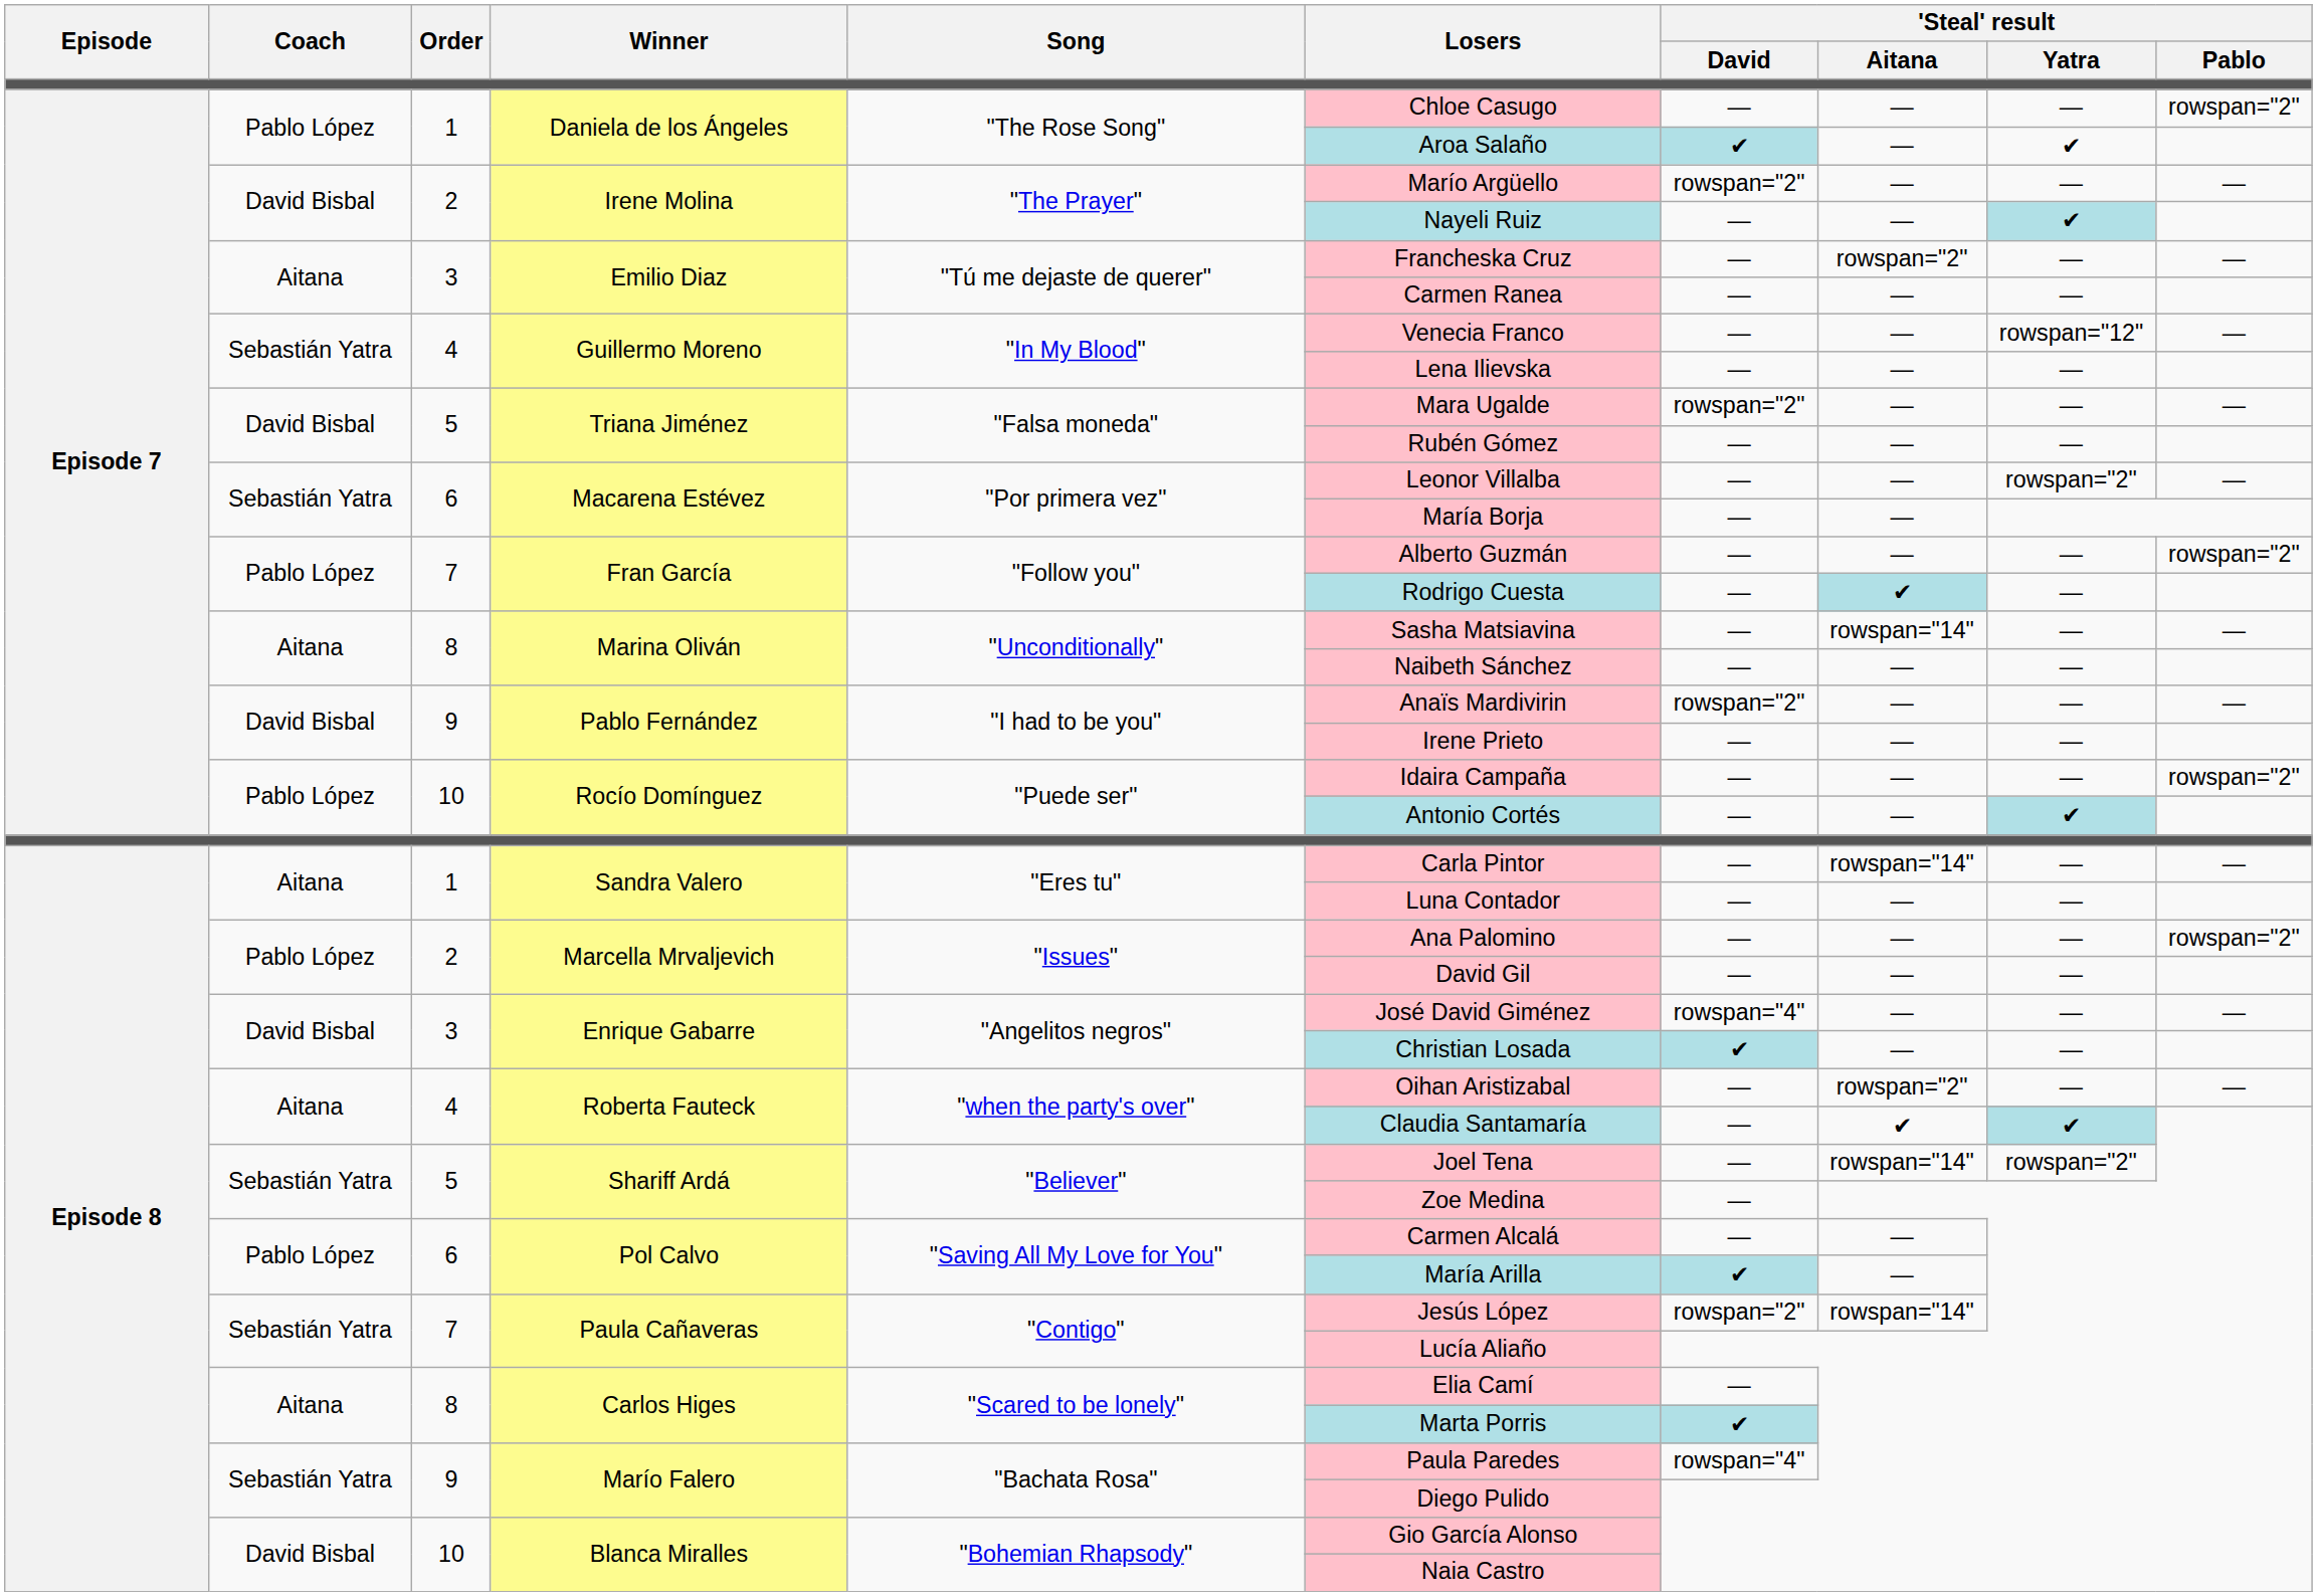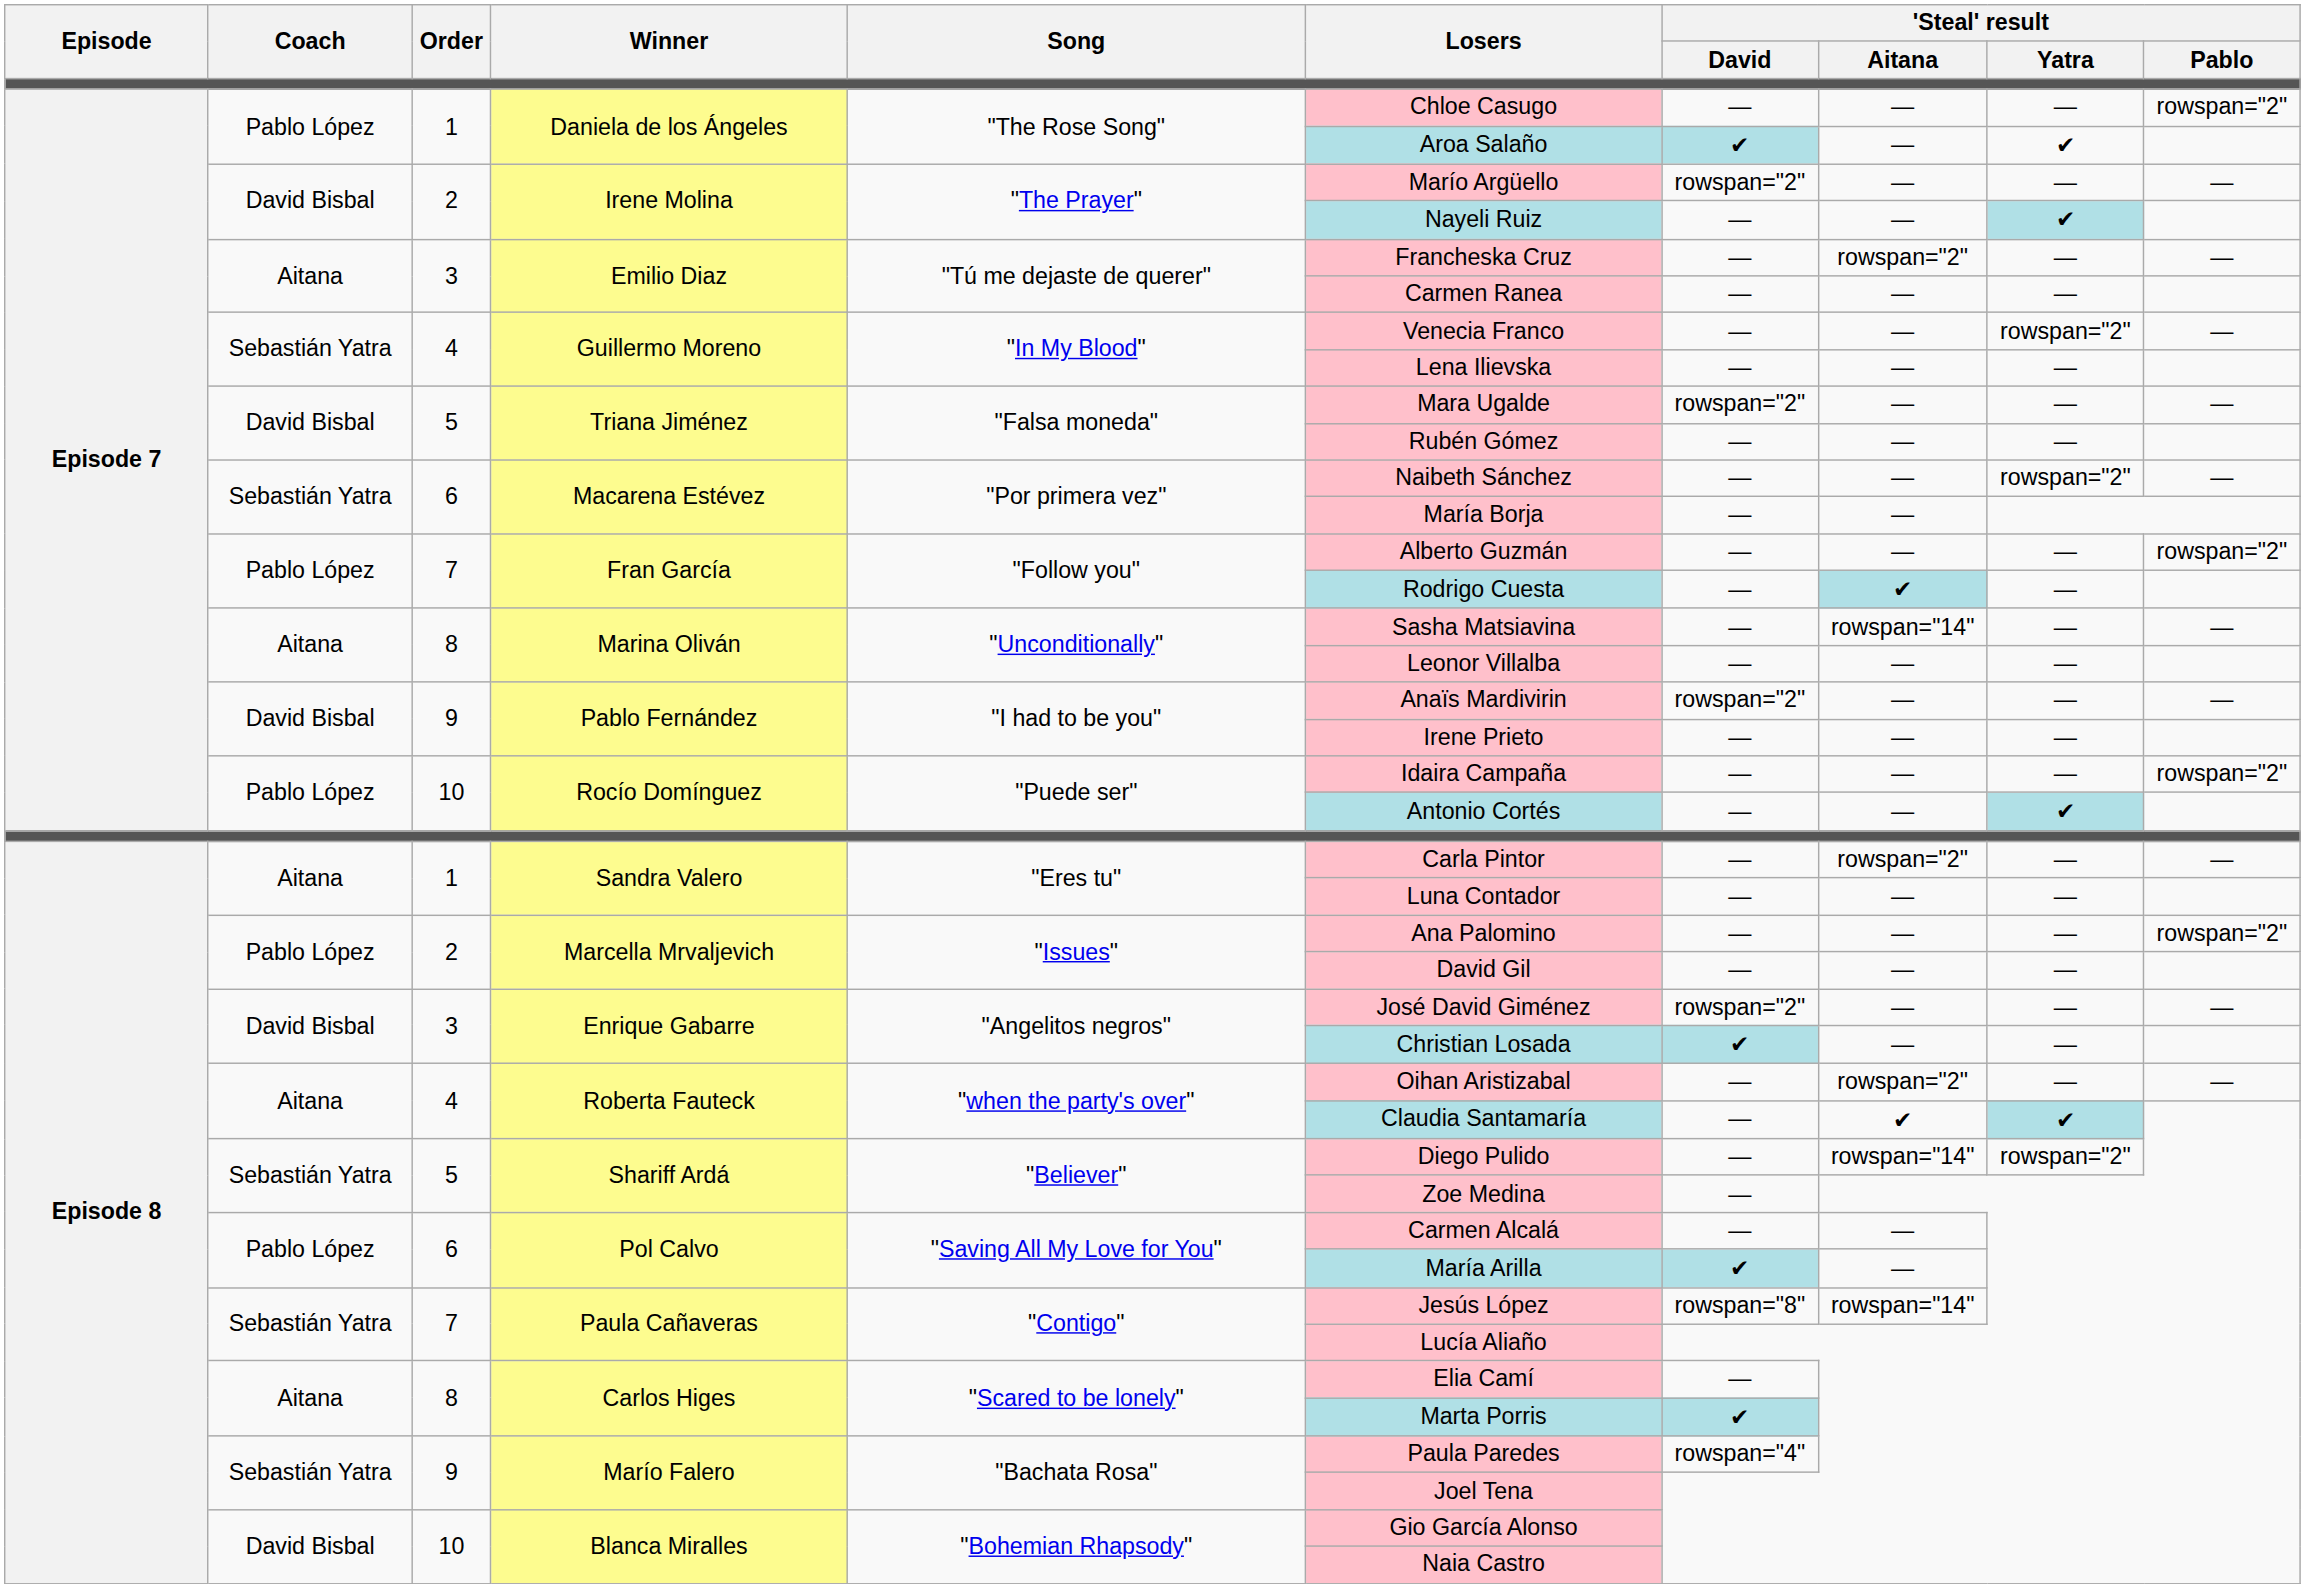 <table class="wikitable" style="text-align: center; width:100%">
 <tr>
 <th rowspan="2" style="width:08%">Episode</th>
 <th rowspan="2" style="width:08%">Coach</th>
 <th rowspan="2" style="width:02%">Order</th>
 <th rowspan="2" style="width:14%">Winner</th>
 <th rowspan="2" style="width:18%">Song</th>
 <th rowspan="2" style="width:14%">Losers</th>
 <th colspan="4" style="width:24%">'Steal' result</th>
 </tr>
 <tr>
 <th style="width:06%">David</th>
 <th style="width:06%">Aitana</th>
 <th style="width:06%">Yatra</th>
 <th style="width:06%">Pablo</th>
 </tr>
 <tr>
 <td colspan="10" style="background:#555"></td>
 </tr>
 <tr>
 <th rowspan="20">Episode 7<br></th>
 <td rowspan="2">Pablo López</td>
 <td rowspan="2">1</td>
 <td rowspan="2" style="background:#fdfc8f">Daniela de los Ángeles</td>
 <td rowspan="2">"The Rose Song"</td>
 <td style="background:pink">Chloe Casugo</td>
 <td>—</td>
 <td>—</td>
 <td>—</td>
 <td>rowspan="2" </td>
 </tr>
 <tr>
 <td style="background:#b0e0e6">Aroa Salaño</td>
 <td style="background:#b0e0e6">✔</td>
 <td>—</td>
 <td>✔</td>
 </tr>
 <tr>
 <td rowspan="2">David Bisbal</td>
 <td rowspan="2">2</td>
 <td rowspan="2" style="background:#fdfc8f">Irene Molina</td>
 <td rowspan="2">"<a href='#'>The Prayer</a>"</td>
 <td style="background:pink">Marío Argüello</td>
 <td>rowspan="2" </td>
 <td>—</td>
 <td>—</td>
 <td>—</td>
 </tr>
 <tr>
 <td style="background:#b0e0e6">Nayeli Ruiz</td>
 <td>—</td>
 <td>—</td>
 <td style="background:#b0e0e6">✔</td>
 </tr>
 <tr>
 <td rowspan="2">Aitana</td>
 <td rowspan="2">3</td>
 <td rowspan="2" style="background:#fdfc8f">Emilio Diaz</td>
 <td rowspan="2">"Tú me dejaste de querer"</td>
 <td style="background:pink">Francheska Cruz</td>
 <td>—</td>
 <td>rowspan="2" </td>
 <td>—</td>
 <td>—</td>
 </tr>
 <tr>
 <td style="background:pink">Carmen Ranea</td>
 <td>—</td>
 <td>—</td>
 <td>—</td>
 </tr>
 <tr>
 <td rowspan="2">Sebastián Yatra</td>
 <td rowspan="2">4</td>
 <td rowspan="2" style="background:#fdfc8f">Guillermo Moreno</td>
 <td rowspan="2">"<a href='#'>In My Blood</a>"</td>
 <td style="background:pink">Venecia Franco</td>
 <td>—</td>
 <td>—</td>
-<td>rowspan="12" </td>
+<td>rowspan="2" </td>
 <td>—</td>
 </tr>
 <tr>
 <td style="background:pink">Lena Ilievska</td>
 <td>—</td>
 <td>—</td>
 <td>—</td>
 </tr>
 <tr>
 <td rowspan="2">David Bisbal</td>
 <td rowspan="2">5</td>
 <td rowspan="2" style="background:#fdfc8f">Triana Jiménez</td>
 <td rowspan="2">"Falsa moneda"</td>
 <td style="background:pink">Mara Ugalde</td>
 <td>rowspan="2" </td>
 <td>—</td>
 <td>—</td>
 <td>—</td>
 </tr>
 <tr>
 <td style="background:pink">Rubén Gómez</td>
 <td>—</td>
 <td>—</td>
 <td>—</td>
 </tr>
 <tr>
 <td rowspan="2">Sebastián Yatra</td>
 <td rowspan="2">6</td>
 <td rowspan="2" style="background:#fdfc8f">Macarena Estévez</td>
 <td rowspan="2">"Por primera vez"</td>
-<td style="background:pink">Leonor Villalba</td>
+<td style="background:pink">Naibeth Sánchez</td>
 <td>—</td>
 <td>—</td>
 <td>rowspan="2" </td>
 <td>—</td>
 </tr>
 <tr>
 <td style="background:pink">María Borja</td>
 <td>—</td>
 <td>—</td>
 </tr>
 <tr>
 <td rowspan="2">Pablo López</td>
 <td rowspan="2">7</td>
 <td rowspan="2" style="background:#fdfc8f">Fran García</td>
 <td rowspan="2">"Follow you"</td>
 <td style="background:pink">Alberto Guzmán</td>
 <td>—</td>
 <td>—</td>
 <td>—</td>
 <td>rowspan="2" </td>
 </tr>
 <tr>
 <td style="background:#b0e0e6">Rodrigo Cuesta</td>
 <td>—</td>
 <td style="background:#b0e0e6">✔</td>
 <td>—</td>
 </tr>
 <tr>
 <td rowspan="2">Aitana</td>
 <td rowspan="2">8</td>
 <td rowspan="2" style="background:#fdfc8f">Marina Oliván</td>
 <td rowspan="2">"<a href='#'>Unconditionally</a>"</td>
 <td style="background:pink">Sasha Matsiavina</td>
 <td>—</td>
 <td>rowspan="14" </td>
 <td>—</td>
 <td>—</td>
 </tr>
 <tr>
-<td style="background:pink">Naibeth Sánchez</td>
+<td style="background:pink">Leonor Villalba</td>
 <td>—</td>
 <td>—</td>
 <td>—</td>
 </tr>
 <tr>
 <td rowspan="2">David Bisbal</td>
 <td rowspan="2">9</td>
 <td rowspan="2" style="background:#fdfc8f">Pablo Fernández</td>
 <td rowspan="2">"I had to be you"</td>
 <td style="background:pink">Anaïs Mardivirin</td>
 <td>rowspan="2" </td>
 <td>—</td>
 <td>—</td>
 <td>—</td>
 </tr>
 <tr>
 <td style="background:pink">Irene Prieto</td>
 <td>—</td>
 <td>—</td>
 <td>—</td>
 </tr>
 <tr>
 <td rowspan="2">Pablo López</td>
 <td rowspan="2">10</td>
 <td rowspan="2" style="background:#fdfc8f">Rocío Domínguez</td>
 <td rowspan="2">"Puede ser"</td>
 <td style="background:pink">Idaira Campaña</td>
 <td>—</td>
 <td>—</td>
 <td>—</td>
 <td>rowspan="2" </td>
 </tr>
 <tr>
 <td style="background:#b0e0e6">Antonio Cortés</td>
 <td>—</td>
 <td>—</td>
 <td style="background:#b0e0e6">✔</td>
 </tr>
 <tr>
 <td colspan="10" style="background:#555"></td>
 </tr>
 <tr>
 <th rowspan="20">Episode 8<br></th>
 <td rowspan="2">Aitana</td>
 <td rowspan="2">1</td>
 <td rowspan="2" style="background:#fdfc8f">Sandra Valero</td>
 <td rowspan="2">"Eres tu"</td>
 <td style="background:pink">Carla Pintor</td>
 <td>—</td>
-<td>rowspan="14" </td>
+<td>rowspan="2" </td>
 <td>—</td>
 <td>—</td>
 </tr>
 <tr>
 <td style="background:pink">Luna Contador</td>
 <td>—</td>
 <td>—</td>
 <td>—</td>
 </tr>
 <tr>
 <td rowspan="2">Pablo López</td>
 <td rowspan="2">2</td>
 <td rowspan="2" style="background:#fdfc8f">Marcella Mrvaljevich</td>
 <td rowspan="2">"<a href='#'>Issues</a>"</td>
 <td style="background:pink">Ana Palomino</td>
 <td>—</td>
 <td>—</td>
 <td>—</td>
 <td>rowspan="2" </td>
 </tr>
 <tr>
 <td style="background:pink">David Gil</td>
 <td>—</td>
 <td>—</td>
 <td>—</td>
 </tr>
 <tr>
 <td rowspan="2">David Bisbal</td>
 <td rowspan="2">3</td>
 <td rowspan="2" style="background:#fdfc8f">Enrique Gabarre</td>
 <td rowspan="2">"Angelitos negros"</td>
 <td style="background:pink">José David Giménez</td>
-<td>rowspan="4" </td>
+<td>rowspan="2" </td>
 <td>—</td>
 <td>—</td>
 <td>—</td>
 </tr>
 <tr>
 <td style="background:#b0e0e6">Christian Losada</td>
 <td style="background:#b0e0e6">✔</td>
 <td>—</td>
 <td>—</td>
 </tr>
 <tr>
 <td rowspan="2">Aitana</td>
 <td rowspan="2">4</td>
 <td rowspan="2" style="background:#fdfc8f">Roberta Fauteck</td>
 <td rowspan="2">"<a href='#'>when the party's over</a>"</td>
 <td style="background:pink">Oihan Aristizabal</td>
 <td>—</td>
 <td>rowspan="2" </td>
 <td>—</td>
 <td>—</td>
 </tr>
 <tr>
 <td style="background:#b0e0e6">Claudia Santamaría</td>
 <td>—</td>
 <td>✔</td>
 <td style="background:#b0e0e6">✔</td>
 </tr>
 <tr>
 <td rowspan="2">Sebastián Yatra</td>
 <td rowspan="2">5</td>
 <td rowspan="2" style="background:#fdfc8f">Shariff Ardá</td>
 <td rowspan="2">"<a href='#'>Believer</a>"</td>
-<td style="background:pink">Joel Tena</td>
+<td style="background:pink">Diego Pulido</td>
 <td>—</td>
 <td>rowspan="14" </td>
 <td>rowspan="2" </td>
 </tr>
 <tr>
 <td style="background:pink">Zoe Medina</td>
 <td>—</td>
 </tr>
 <tr>
 <td rowspan="2">Pablo López</td>
 <td rowspan="2">6</td>
 <td rowspan="2" style="background:#fdfc8f">Pol Calvo</td>
 <td rowspan="2">"<a href='#'>Saving All My Love for You</a>"</td>
 <td style="background:pink">Carmen Alcalá</td>
 <td>—</td>
 <td>—</td>
 </tr>
 <tr>
 <td style="background:#b0e0e6">María Arilla</td>
 <td style="background:#b0e0e6">✔</td>
 <td>—</td>
 </tr>
 <tr>
 <td rowspan="2">Sebastián Yatra</td>
 <td rowspan="2">7</td>
 <td rowspan="2" style="background:#fdfc8f">Paula Cañaveras</td>
 <td rowspan="2">"<a href='#'>Contigo</a>"</td>
 <td style="background:pink">Jesús López</td>
-<td>rowspan="2" </td>
+<td>rowspan="8" </td>
 <td>rowspan="14" </td>
 </tr>
 <tr>
 <td style="background:pink">Lucía Aliaño</td>
 </tr>
 <tr>
 <td rowspan="2">Aitana</td>
 <td rowspan="2">8</td>
 <td rowspan="2" style="background:#fdfc8f">Carlos Higes</td>
 <td rowspan="2">"<a href='#'>Scared to be lonely</a>"</td>
 <td style="background:pink">Elia Camí</td>
 <td>—</td>
 </tr>
 <tr>
 <td style="background:#b0e0e6">Marta Porris</td>
 <td style="background:#b0e0e6">✔</td>
 </tr>
 <tr>
 <td rowspan="2">Sebastián Yatra</td>
 <td rowspan="2">9</td>
 <td rowspan="2" style="background:#fdfc8f">Marío Falero</td>
 <td rowspan="2">"Bachata Rosa"</td>
 <td style="background:pink">Paula Paredes</td>
 <td>rowspan="4" </td>
 </tr>
 <tr>
-<td style="background:pink">Diego Pulido</td>
+<td style="background:pink">Joel Tena</td>
 </tr>
 <tr>
 <td rowspan="2">David Bisbal</td>
 <td rowspan="2">10</td>
 <td rowspan="2" style="background:#fdfc8f">Blanca Miralles</td>
 <td rowspan="2">"<a href='#'>Bohemian Rhapsody</a>"</td>
 <td style="background:pink">Gio García Alonso</td>
 </tr>
 <tr>
 <td style="background:pink">Naia Castro</td>
 </tr>
 </table>
